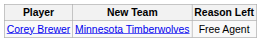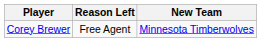 <table class="wikitable sortable sortable">
 <tr>
 <th>Player</th>
+<th>Reason Left</th>
 <th>New Team</th>
-<th>Reason Left</th>
 </tr>
 <tr style="text-align: center">
 <td><a href='#'>Corey Brewer</a></td>
+<td>Free Agent</td>
 <td><a href='#'>Minnesota Timberwolves</a></td>
-<td>Free Agent</td>
 </tr>
 </table>
